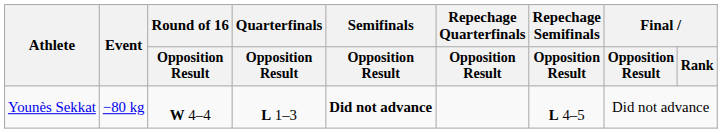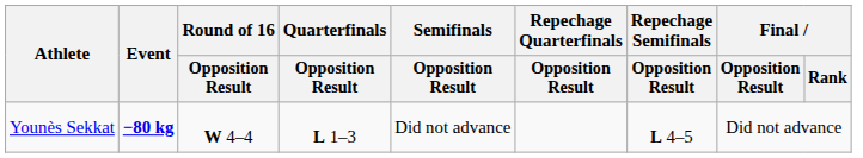 <table class=wikitable style=font-size:90%;text-align:center>
 <tr>
 <th rowspan=2>Athlete</th>
 <th rowspan=2>Event</th>
 <th>Round of 16</th>
 <th>Quarterfinals</th>
 <th>Semifinals</th>
 <th>Repechage<br>Quarterfinals</th>
 <th>Repechage<br>Semifinals</th>
 <th colspan=2>Final / </th>
 </tr>
 <tr style=font-size:95%>
 <th>Opposition<br>Result</th>
 <th>Opposition<br>Result</th>
 <th>Opposition<br>Result</th>
 <th>Opposition<br>Result</th>
 <th>Opposition<br>Result</th>
 <th>Opposition<br>Result</th>
 <th>Rank</th>
 </tr>
 <tr>
 <td align=left><a href='#'>Younès Sekkat</a></td>
-<td align=left><a href='#'>−80 kg</a></td>
+<td align=left><strong><a href='#'>−80 kg</a></strong></td>
 <td><br><strong>W</strong> 4–4</td>
 <td><br><strong>L</strong> 1–3</td>
-<td><strong>Did not advance</strong></td>
+<td>Did not advance</td>
 <td></td>
 <td><br><strong>L</strong> 4–5</td>
 <td colspan=2>Did not advance</td>
 </tr>
 </table>
